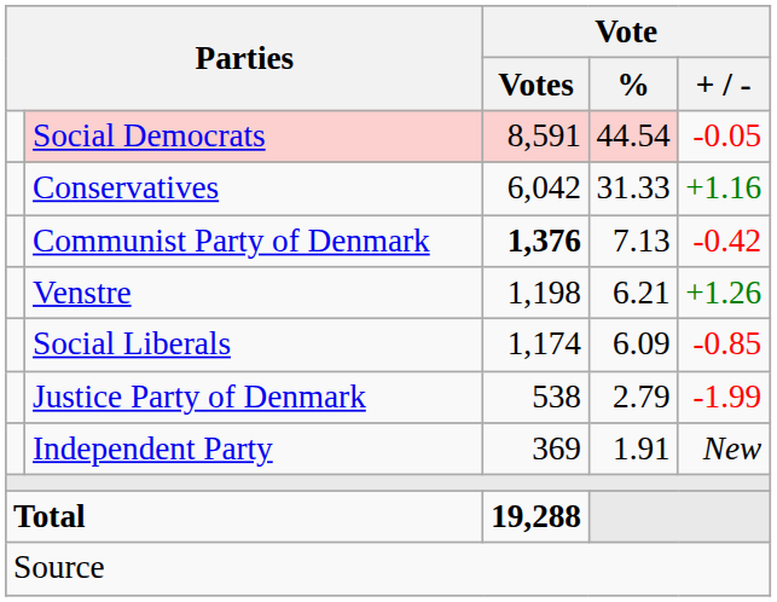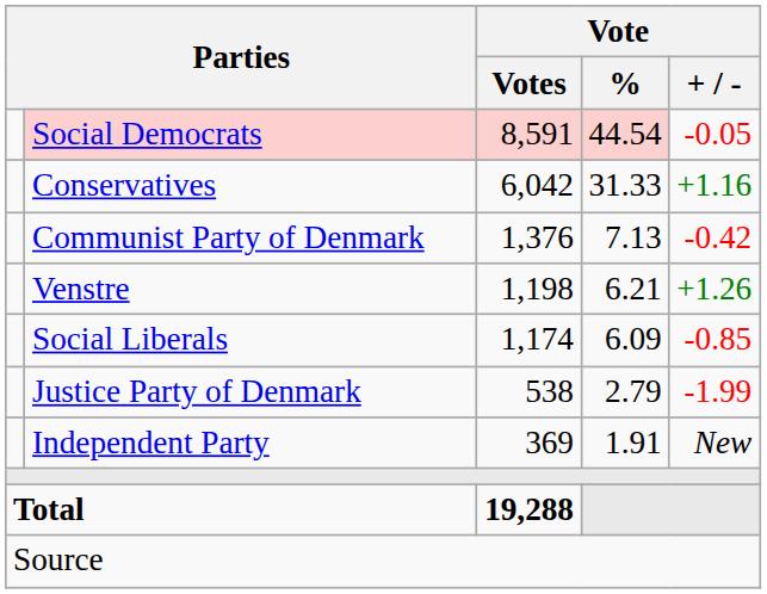 <table class="wikitable" style="text-align:right;">
 <tr>
 <th style="text-align:centre;" rowspan="2" colspan="2" width="225">Parties</th>
 <th colspan="3">Vote</th>
 </tr>
 <tr>
 <th width="15">Votes</th>
 <th width="15">%</th>
 <th width="15">+ / -</th>
 </tr>
 <tr>
 <td width="2" style="color:inherit;background:"></td>
 <td bgcolor=#fbd0ce  align="left"><a href='#'>Social Democrats</a></td>
 <td bgcolor=#fbd0ce>8,591</td>
 <td bgcolor=#fbd0ce>44.54</td>
 <td style=color:red;>-0.05</td>
 </tr>
 <tr>
 <td width="2" style="color:inherit;background:"></td>
 <td align="left"><a href='#'>Conservatives</a></td>
 <td>6,042</td>
 <td>31.33</td>
 <td style=color:green;>+1.16</td>
 </tr>
 <tr>
 <td width="2" style="color:inherit;background:"></td>
 <td align="left"><a href='#'>Communist Party of Denmark</a></td>
-<td><strong>1,376</strong></td>
+<td>1,376</td>
 <td>7.13</td>
 <td style=color:red;>-0.42</td>
 </tr>
 <tr>
 <td width="2" style="color:inherit;background:"></td>
 <td align="left"><a href='#'>Venstre</a></td>
 <td>1,198</td>
 <td>6.21</td>
 <td style=color:green;>+1.26</td>
 </tr>
 <tr>
 <td width="2" style="color:inherit;background:"></td>
 <td align="left"><a href='#'>Social Liberals</a></td>
 <td>1,174</td>
 <td>6.09</td>
 <td style=color:red;>-0.85</td>
 </tr>
 <tr>
 <td width="2" style="color:inherit;background:"></td>
 <td align="left"><a href='#'>Justice Party of Denmark</a></td>
 <td>538</td>
 <td>2.79</td>
 <td style=color:red;>-1.99</td>
 </tr>
 <tr>
 <td width="2" style="color:inherit;background:"></td>
 <td align="left"><a href='#'>Independent Party</a></td>
 <td>369</td>
 <td>1.91</td>
 <td><em>New</em></td>
 </tr>
 <tr>
 <td colspan="7" bgcolor="#E9E9E9"></td>
 </tr>
 <tr>
 <td align="left" colspan="2"><strong>Total</strong></td>
 <td><strong>19,288</strong></td>
 <td bgcolor="#E9E9E9" colspan="2"></td>
 </tr>
 <tr>
 <td align="left" colspan="6">Source</td>
 </tr>
 </table>
